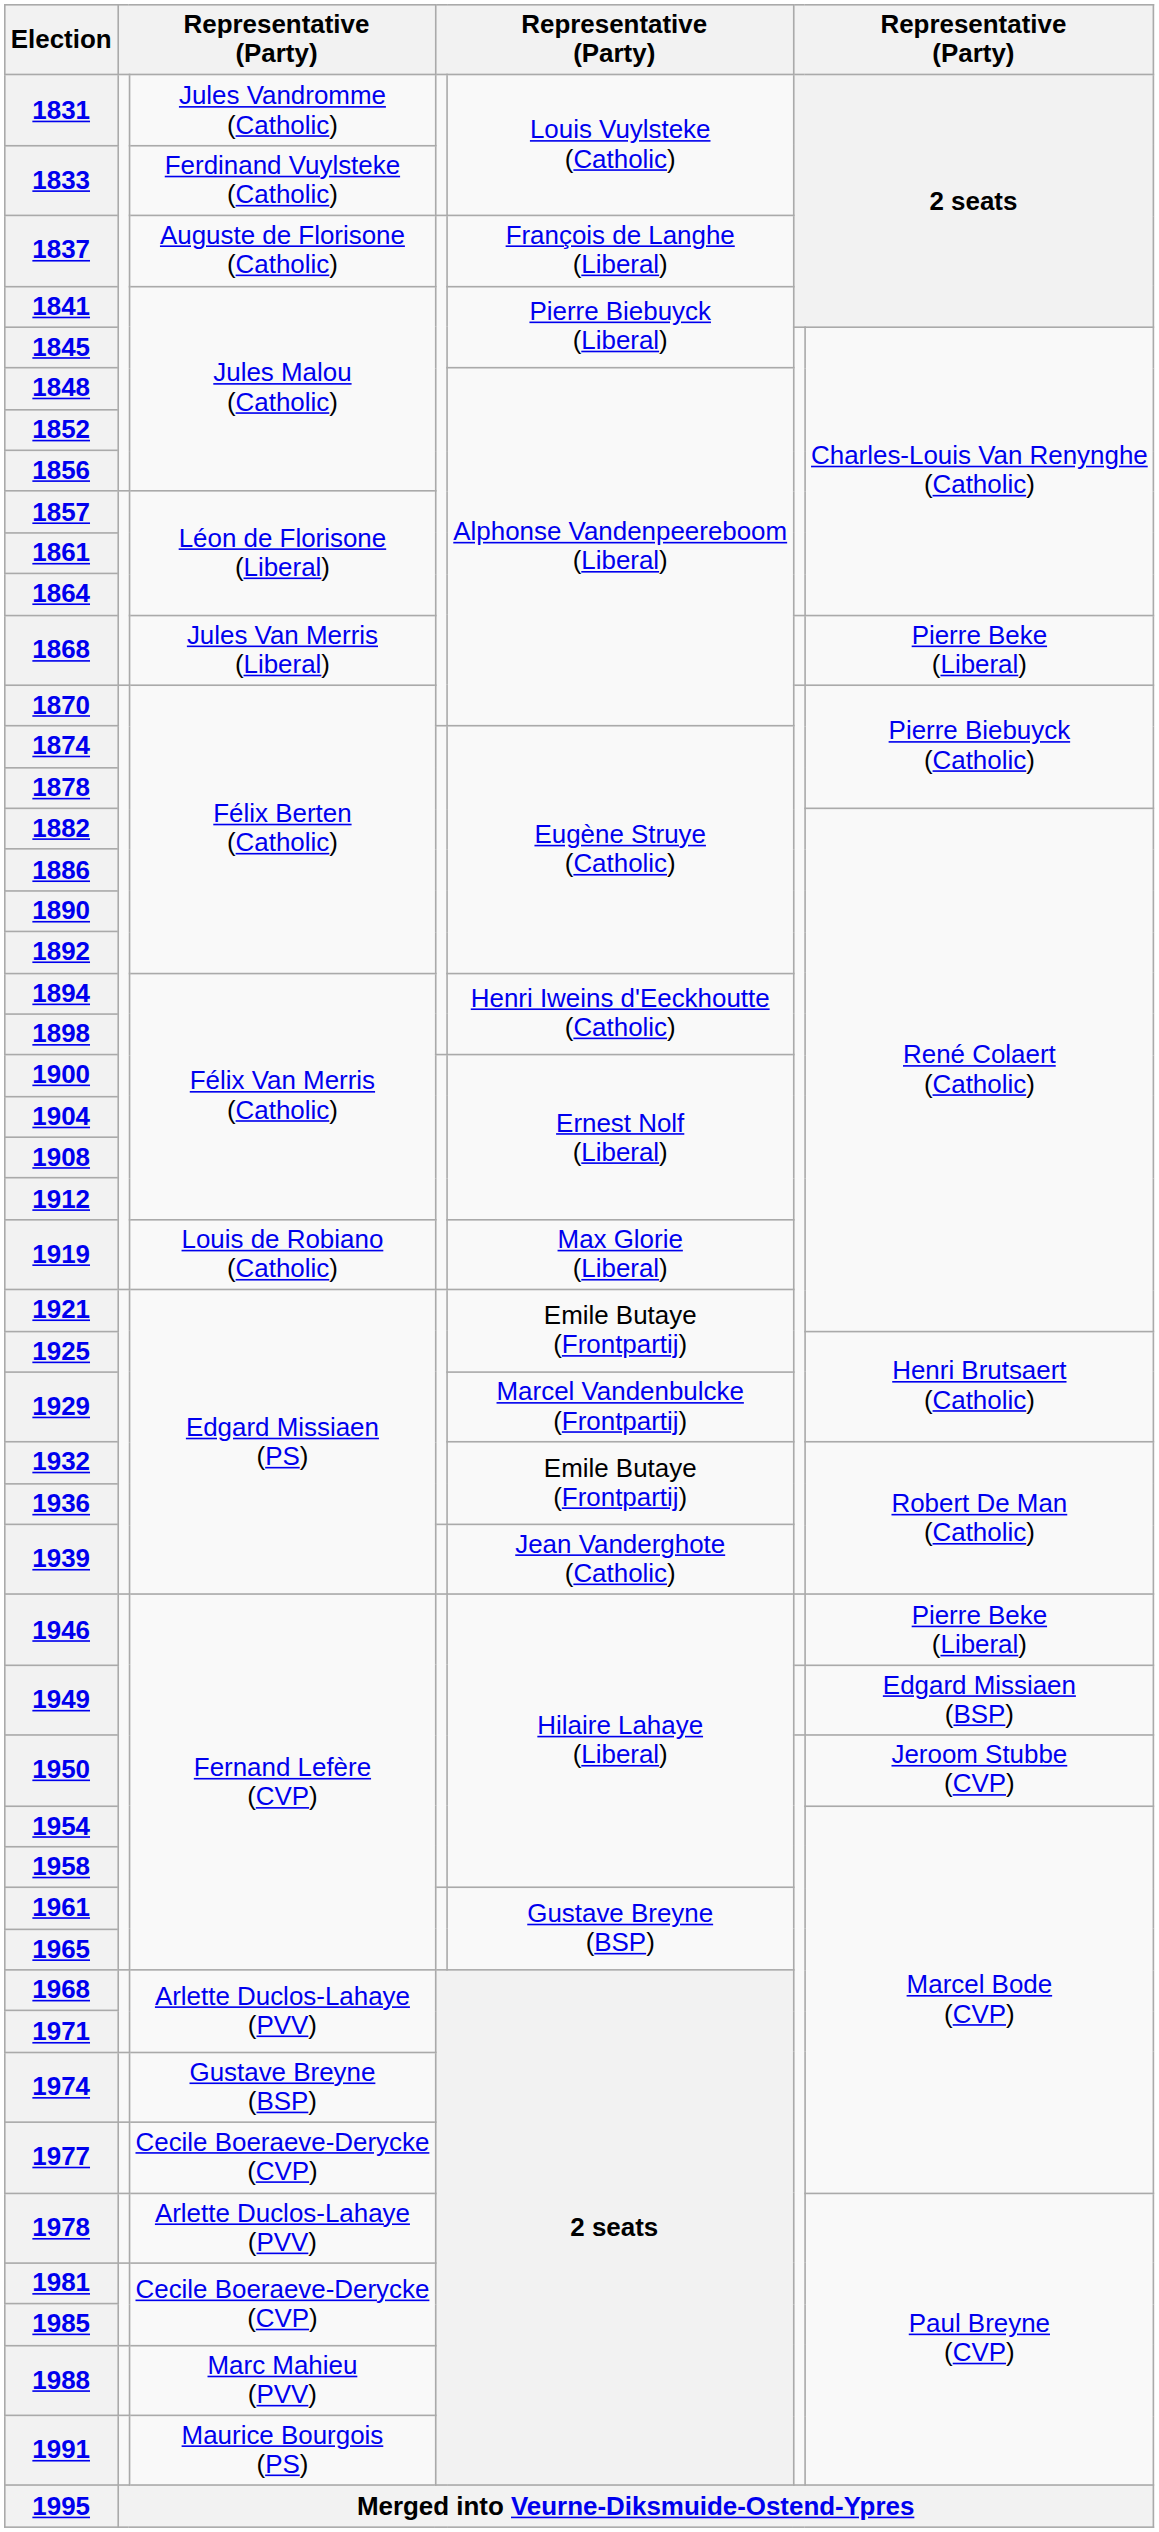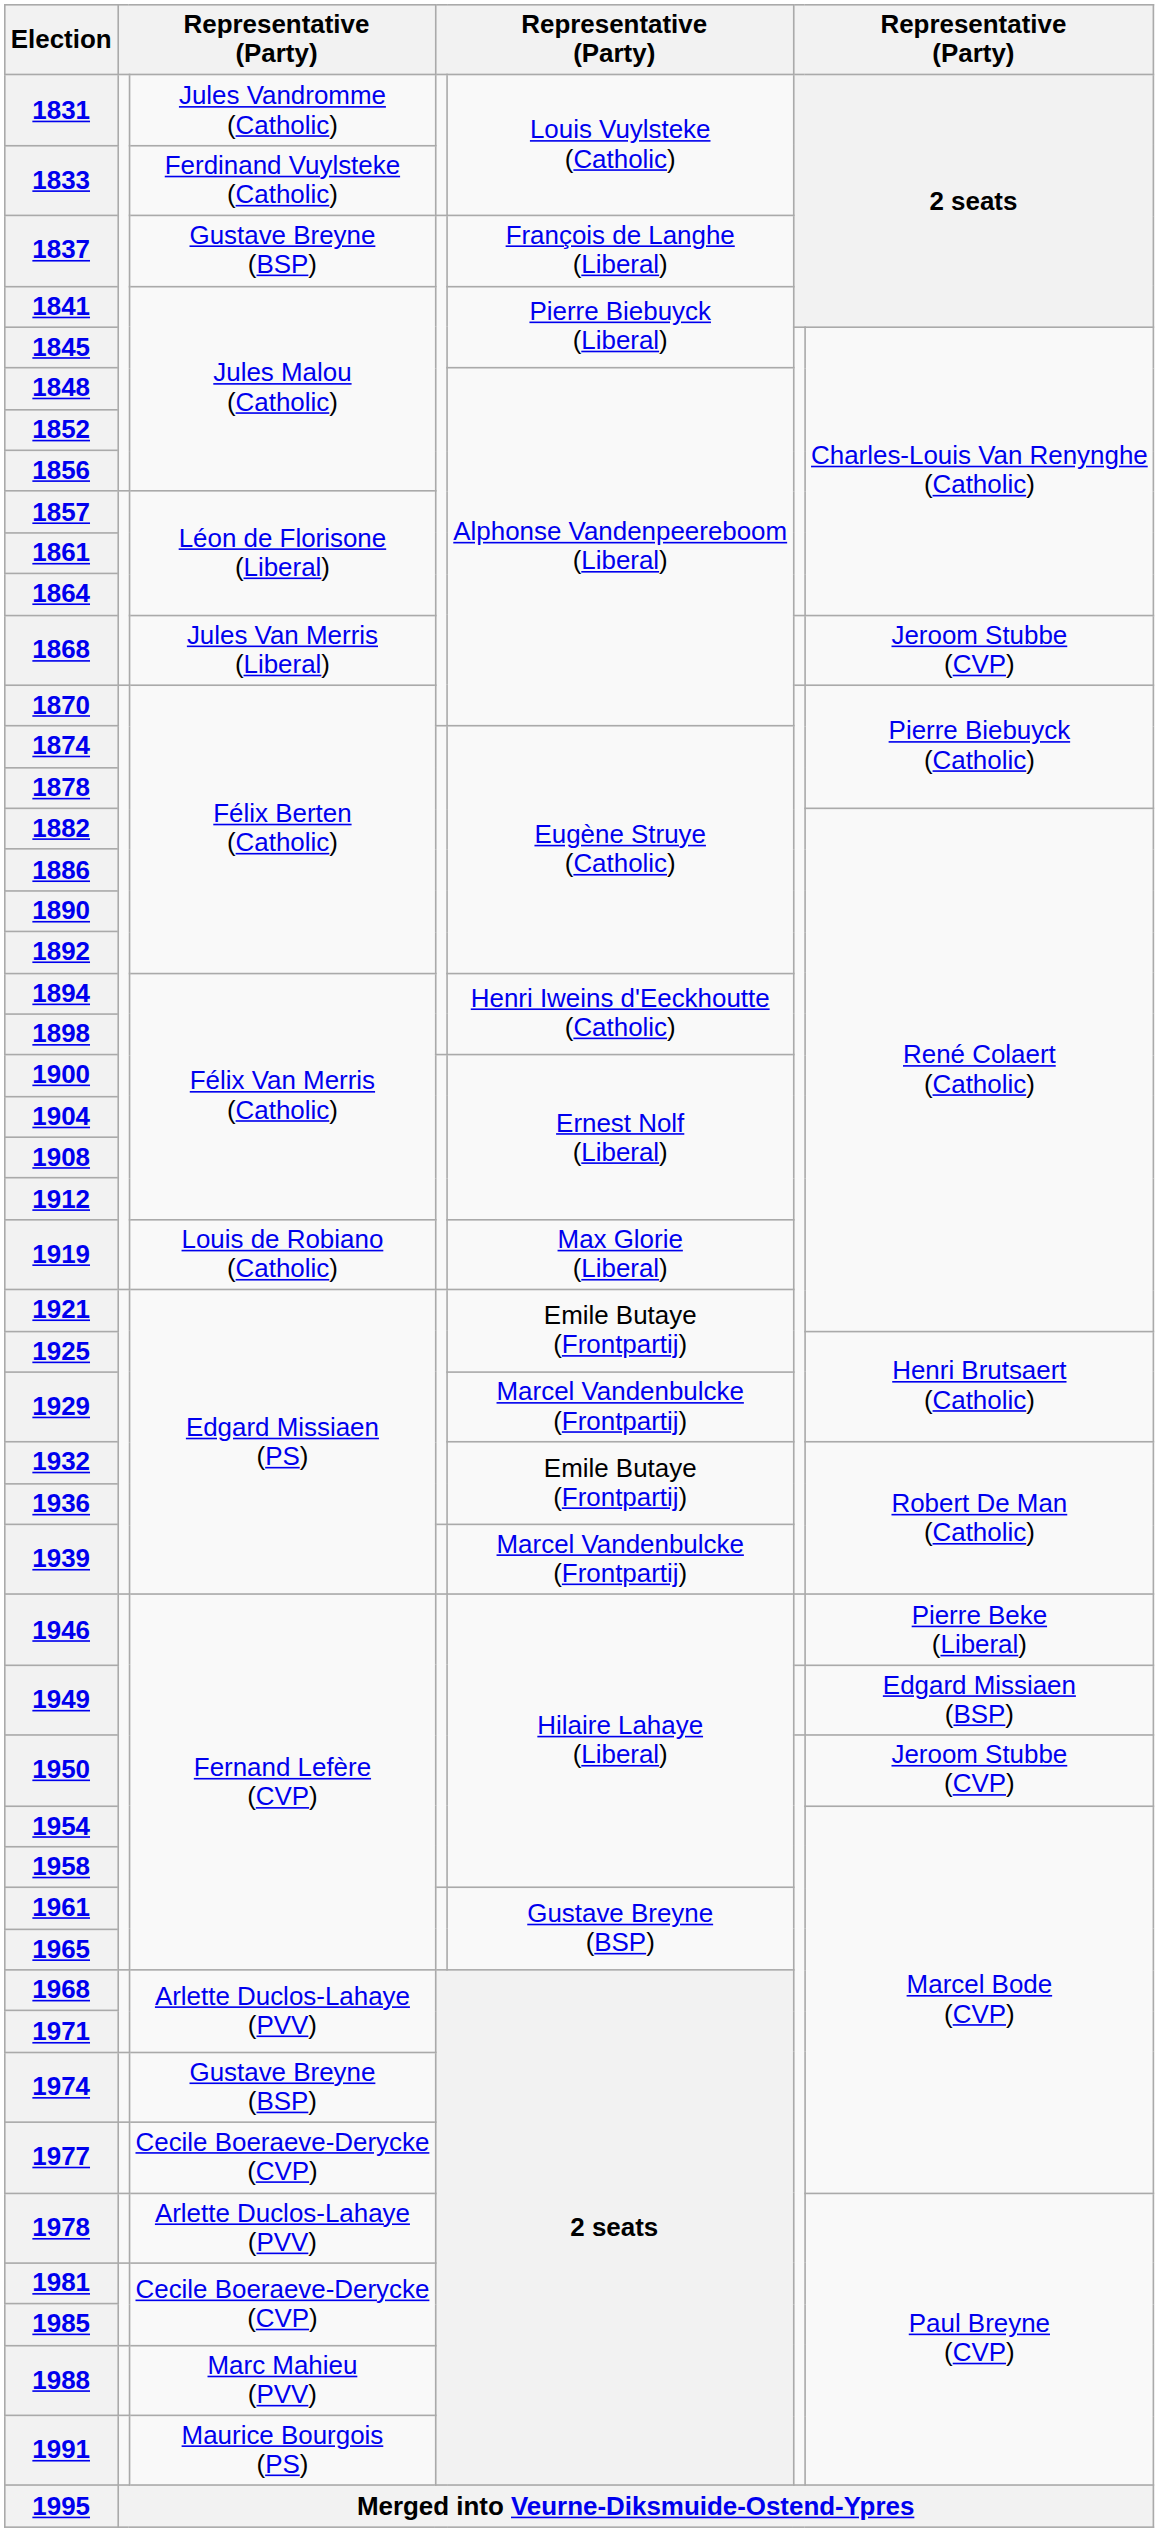 <table class="wikitable" style="text-align:center">
 <tr>
 <th>Election</th>
 <th colspan=2>Representative<br>(Party)</th>
 <th colspan=2>Representative<br>(Party)</th>
 <th colspan=2>Representative<br>(Party)</th>
 </tr>
 <tr>
 <th><a href='#'>1831</a></th>
 <td rowspan=8; style="background-color: "></td>
 <td rowspan=1><a href='#'>Jules Vandromme</a><br>(<a href='#'>Catholic</a>)</td>
 <td rowspan=2; style="background-color: "></td>
 <td rowspan=2><a href='#'>Louis Vuylsteke</a><br>(<a href='#'>Catholic</a>)</td>
 <th rowspan=4; colspan=2>2 seats</th>
 </tr>
 <tr>
 <th><a href='#'>1833</a></th>
 <td rowspan=1><a href='#'>Ferdinand Vuylsteke</a><br>(<a href='#'>Catholic</a>)</td>
 </tr>
 <tr>
 <th><a href='#'>1837</a></th>
-<td rowspan=1><a href='#'>Auguste de Florisone</a><br>(<a href='#'>Catholic</a>)</td>
+<td rowspan=1><a href='#'>Gustave Breyne</a><br>(<a href='#'>BSP</a>)</td>
 <td rowspan=11; style="background-color: "></td>
 <td rowspan=1><a href='#'>François de Langhe</a><br>(<a href='#'>Liberal</a>)</td>
 </tr>
 <tr>
 <th><a href='#'>1841</a></th>
 <td rowspan=5><a href='#'>Jules Malou</a><br>(<a href='#'>Catholic</a>)</td>
 <td rowspan=2><a href='#'>Pierre Biebuyck</a><br>(<a href='#'>Liberal</a>)</td>
 </tr>
 <tr>
 <th><a href='#'>1845</a></th>
 <td rowspan=7; style="background-color: "></td>
 <td rowspan=7><a href='#'>Charles-Louis Van Renynghe</a><br>(<a href='#'>Catholic</a>)</td>
 </tr>
 <tr>
 <th><a href='#'>1848</a></th>
 <td rowspan=8><a href='#'>Alphonse Vandenpeereboom</a><br>(<a href='#'>Liberal</a>)</td>
 </tr>
 <tr>
 <th><a href='#'>1852</a></th>
 </tr>
 <tr>
 <th><a href='#'>1856</a></th>
 </tr>
 <tr>
 <th><a href='#'>1857</a></th>
 <td rowspan=4; style="background-color: "></td>
 <td rowspan=3><a href='#'>Léon de Florisone</a><br>(<a href='#'>Liberal</a>)</td>
 </tr>
 <tr>
 <th><a href='#'>1861</a></th>
 </tr>
 <tr>
 <th><a href='#'>1864</a></th>
 </tr>
 <tr>
 <th><a href='#'>1868</a></th>
 <td rowspan=1><a href='#'>Jules Van Merris</a><br>(<a href='#'>Liberal</a>)</td>
 <td rowspan=1; style="background-color: "></td>
-<td rowspan=1><a href='#'>Pierre Beke</a><br>(<a href='#'>Liberal</a>)</td>
+<td rowspan=1><a href='#'>Jeroom Stubbe</a><br>(<a href='#'>CVP</a>)</td>
 </tr>
 <tr>
 <th><a href='#'>1870</a></th>
 <td rowspan=14; style="background-color: "></td>
 <td rowspan=7><a href='#'>Félix Berten</a><br>(<a href='#'>Catholic</a>)</td>
 <td rowspan=20; style="background-color: "></td>
 <td rowspan=3><a href='#'>Pierre Biebuyck</a><br>(<a href='#'>Catholic</a>)</td>
 </tr>
 <tr>
 <th><a href='#'>1874</a></th>
 <td rowspan=8; style="background-color: "></td>
 <td rowspan=6><a href='#'>Eugène Struye</a><br>(<a href='#'>Catholic</a>)</td>
 </tr>
 <tr>
 <th><a href='#'>1878</a></th>
 </tr>
 <tr>
 <th><a href='#'>1882</a></th>
 <td rowspan=12><a href='#'>René Colaert</a><br>(<a href='#'>Catholic</a>)</td>
 </tr>
 <tr>
 <th><a href='#'>1886</a></th>
 </tr>
 <tr>
 <th><a href='#'>1890</a></th>
 </tr>
 <tr>
 <th><a href='#'>1892</a></th>
 </tr>
 <tr>
 <th><a href='#'>1894</a></th>
 <td rowspan=6><a href='#'>Félix Van Merris</a><br>(<a href='#'>Catholic</a>)</td>
 <td rowspan=2><a href='#'>Henri Iweins d'Eeckhoutte</a><br>(<a href='#'>Catholic</a>)</td>
 </tr>
 <tr>
 <th><a href='#'>1898</a></th>
 </tr>
 <tr>
 <th><a href='#'>1900</a></th>
 <td rowspan=5; style="background-color: "></td>
 <td rowspan=4><a href='#'>Ernest Nolf</a><br>(<a href='#'>Liberal</a>)</td>
 </tr>
 <tr>
 <th><a href='#'>1904</a></th>
 </tr>
 <tr>
 <th><a href='#'>1908</a></th>
 </tr>
 <tr>
 <th><a href='#'>1912</a></th>
 </tr>
 <tr>
 <th><a href='#'>1919</a></th>
 <td rowspan=1><a href='#'>Louis de Robiano</a><br>(<a href='#'>Catholic</a>)</td>
 <td rowspan=1><a href='#'>Max Glorie</a><br>(<a href='#'>Liberal</a>)</td>
 </tr>
 <tr>
 <th><a href='#'>1921</a></th>
 <td rowspan=6; style="background-color: "></td>
 <td rowspan=6><a href='#'>Edgard Missiaen</a><br>(<a href='#'>PS</a>)</td>
 <td rowspan=5; style="background-color: "></td>
 <td rowspan=2>Emile Butaye<br>(<a href='#'>Frontpartij</a>)</td>
 </tr>
 <tr>
 <th><a href='#'>1925</a></th>
 <td rowspan=2><a href='#'>Henri Brutsaert</a><br>(<a href='#'>Catholic</a>)</td>
 </tr>
 <tr>
 <th><a href='#'>1929</a></th>
 <td rowspan=1><a href='#'>Marcel Vandenbulcke</a><br>(<a href='#'>Frontpartij</a>)</td>
 </tr>
 <tr>
 <th><a href='#'>1932</a></th>
 <td rowspan=2>Emile Butaye<br>(<a href='#'>Frontpartij</a>)</td>
 <td rowspan=3><a href='#'>Robert De Man</a><br>(<a href='#'>Catholic</a>)</td>
 </tr>
 <tr>
 <th><a href='#'>1936</a></th>
 </tr>
 <tr>
 <th><a href='#'>1939</a></th>
 <td rowspan=1; style="background-color: "></td>
-<td rowspan=1><a href='#'>Jean Vanderghote</a><br>(<a href='#'>Catholic</a>)</td>
+<td rowspan=1><a href='#'>Marcel Vandenbulcke</a><br>(<a href='#'>Frontpartij</a>)</td>
 </tr>
 <tr>
 <th><a href='#'>1946</a></th>
 <td rowspan=7; style="background-color: "></td>
 <td rowspan=7><a href='#'>Fernand Lefère</a><br>(<a href='#'>CVP</a>)</td>
 <td rowspan=5; style="background-color: "></td>
 <td rowspan=5><a href='#'>Hilaire Lahaye</a><br>(<a href='#'>Liberal</a>)</td>
 <td rowspan=1; style="background-color: "></td>
 <td rowspan=1><a href='#'>Pierre Beke</a><br>(<a href='#'>Liberal</a>)</td>
 </tr>
 <tr>
 <th><a href='#'>1949</a></th>
 <td rowspan=1; style="background-color: "></td>
 <td rowspan=1><a href='#'>Edgard Missiaen</a><br>(<a href='#'>BSP</a>)</td>
 </tr>
 <tr>
 <th><a href='#'>1950</a></th>
 <td rowspan=14; style="background-color: "></td>
 <td rowspan=1><a href='#'>Jeroom Stubbe</a><br>(<a href='#'>CVP</a>)</td>
 </tr>
 <tr>
 <th><a href='#'>1954</a></th>
 <td rowspan=8><a href='#'>Marcel Bode</a><br>(<a href='#'>CVP</a>)</td>
 </tr>
 <tr>
 <th><a href='#'>1958</a></th>
 </tr>
 <tr>
 <th><a href='#'>1961</a></th>
 <td rowspan=2; style="background-color: "></td>
 <td rowspan=2><a href='#'>Gustave Breyne</a><br>(<a href='#'>BSP</a>)</td>
 </tr>
 <tr>
 <th><a href='#'>1965</a></th>
 </tr>
 <tr>
 <th><a href='#'>1968</a></th>
 <td rowspan=2; style="background-color: "></td>
 <td rowspan=2><a href='#'>Arlette Duclos-Lahaye</a><br>(<a href='#'>PVV</a>)</td>
 <th rowspan=9; colspan=2>2 seats</th>
 </tr>
 <tr>
 <th><a href='#'>1971</a></th>
 </tr>
 <tr>
 <th><a href='#'>1974</a></th>
 <td rowspan=1; style="background-color: "></td>
 <td rowspan=1><a href='#'>Gustave Breyne</a><br>(<a href='#'>BSP</a>)</td>
 </tr>
 <tr>
 <th><a href='#'>1977</a></th>
 <td rowspan=1; style="background-color: "></td>
 <td rowspan=1><a href='#'>Cecile Boeraeve-Derycke</a><br>(<a href='#'>CVP</a>)</td>
 </tr>
 <tr>
 <th><a href='#'>1978</a></th>
 <td rowspan=1; style="background-color: "></td>
 <td rowspan=1><a href='#'>Arlette Duclos-Lahaye</a><br>(<a href='#'>PVV</a>)</td>
 <td rowspan=5><a href='#'>Paul Breyne</a><br>(<a href='#'>CVP</a>)</td>
 </tr>
 <tr>
 <th><a href='#'>1981</a></th>
 <td rowspan=2; style="background-color: "></td>
 <td rowspan=2><a href='#'>Cecile Boeraeve-Derycke</a><br>(<a href='#'>CVP</a>)</td>
 </tr>
 <tr>
 <th><a href='#'>1985</a></th>
 </tr>
 <tr>
 <th><a href='#'>1988</a></th>
 <td rowspan=1; style="background-color: "></td>
 <td rowspan=1><a href='#'>Marc Mahieu</a><br>(<a href='#'>PVV</a>)</td>
 </tr>
 <tr>
 <th><a href='#'>1991</a></th>
 <td rowspan=1; style="background-color: "></td>
 <td rowspan=1><a href='#'>Maurice Bourgois</a><br>(<a href='#'>PS</a>)</td>
 </tr>
 <tr>
 <th><a href='#'>1995</a></th>
 <th colspan=6>Merged into <a href='#'>Veurne-Diksmuide-Ostend-Ypres</a></th>
 </tr>
 </table>
